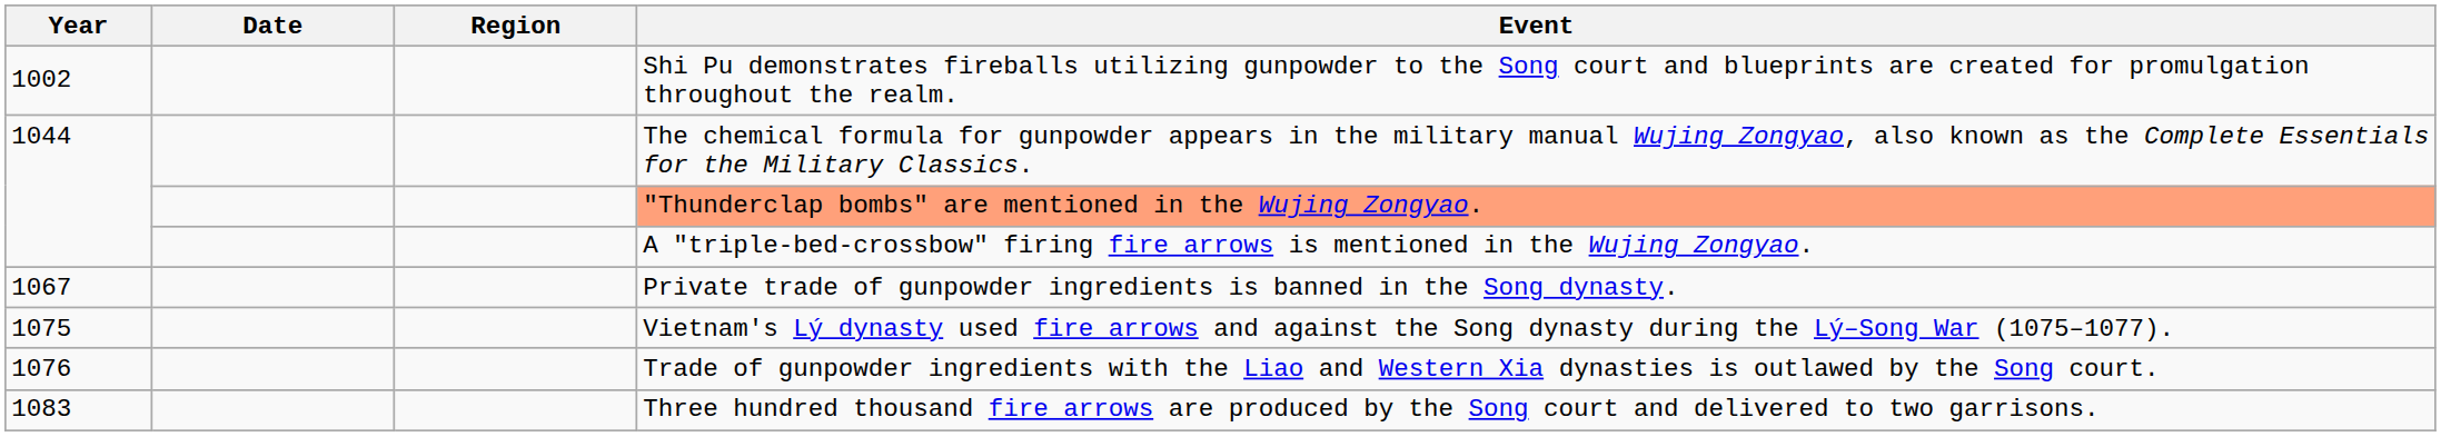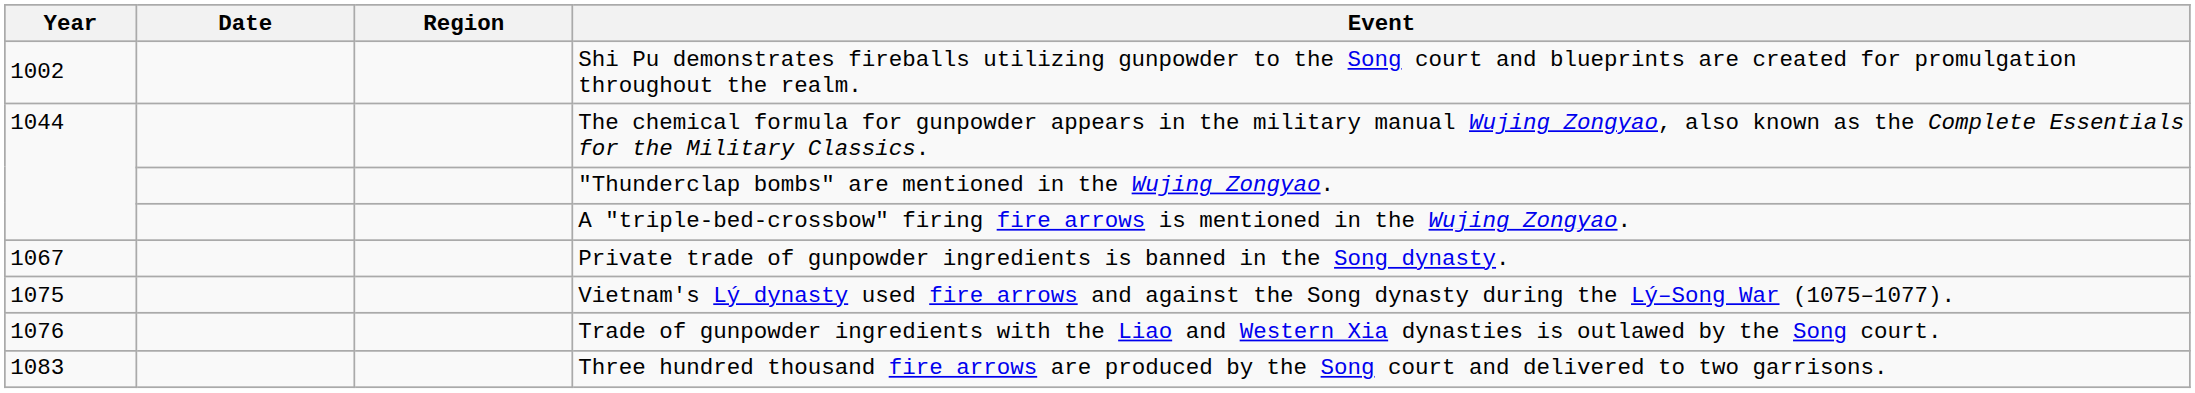 <table class="wikitable" width="100%">
 <tr>
 <th style="width:6%">Year</th>
 <th style="width:10%">Date</th>
 <th style="width:10%">Region</th>
 <th>Event</th>
 </tr>
 <tr>
 <td>1002</td>
 <td></td>
 <td></td>
 <td>Shi Pu demonstrates fireballs utilizing gunpowder to the <a href='#'>Song</a> court and blueprints are created for promulgation throughout the realm.</td>
 </tr>
 <tr>
 <td rowspan="3" valign="top">1044</td>
 <td></td>
 <td></td>
 <td>The chemical formula for gunpowder appears in the military manual <em><a href='#'>Wujing Zongyao</a></em>, also known as the <em>Complete Essentials for the Military Classics</em>.</td>
 </tr>
 <tr>
 <td></td>
 <td></td>
-<td style="background: lightsalmon;">"Thunderclap bombs" are mentioned in the <em><a href='#'>Wujing Zongyao</a></em>.</td>
+<td>"Thunderclap bombs" are mentioned in the <em><a href='#'>Wujing Zongyao</a></em>.</td>
 </tr>
 <tr>
 <td></td>
 <td></td>
 <td>A "triple-bed-crossbow" firing <a href='#'>fire arrows</a> is mentioned in the <em><a href='#'>Wujing Zongyao</a></em>.</td>
 </tr>
 <tr>
 <td>1067</td>
 <td></td>
 <td></td>
 <td>Private trade of gunpowder ingredients is banned in the <a href='#'>Song dynasty</a>.</td>
 </tr>
 <tr>
 <td>1075</td>
 <td></td>
 <td></td>
 <td>Vietnam's <a href='#'>Lý dynasty</a> used <a href='#'>fire arrows</a> and against the Song dynasty during the <a href='#'>Lý–Song War</a> (1075–1077).</td>
 </tr>
 <tr>
 <td>1076</td>
 <td></td>
 <td></td>
 <td>Trade of gunpowder ingredients with the <a href='#'>Liao</a> and <a href='#'>Western Xia</a> dynasties is outlawed by the <a href='#'>Song</a> court.</td>
 </tr>
 <tr>
 <td>1083</td>
 <td></td>
 <td></td>
 <td>Three hundred thousand <a href='#'>fire arrows</a> are produced by the <a href='#'>Song</a> court and delivered to two garrisons.</td>
 </tr>
 </table>
